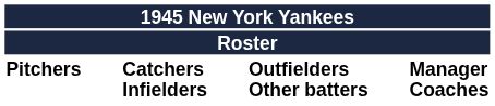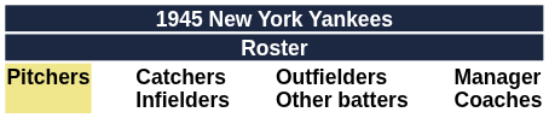 <table class="toccolours" style="font-size: 95%;">
 <tr>
 <th colspan="10" style="background-color: #1c2841; color: white; text-align: center;">1945 New York Yankees</th>
 </tr>
 <tr>
 <td colspan="10" style="background-color: #1c2841; color: white; text-align: center;"><strong>Roster</strong></td>
 </tr>
 <tr>
-<td valign="top"><strong>Pitchers</strong><br>             </td>
+<td valign="top" style="background: khaki;"><strong>Pitchers</strong><br>             </td>
 <td width="25px"></td>
 <td valign="top"><strong>Catchers</strong><br>    <strong>Infielders</strong>       </td>
 <td width="25px"></td>
 <td valign="top"><strong>Outfielders</strong><br>      <strong>Other batters</strong> </td>
 <td width="25px"></td>
 <td valign="top"><strong>Manager</strong><br> <strong>Coaches</strong>    </td>
 </tr>
 </table>
